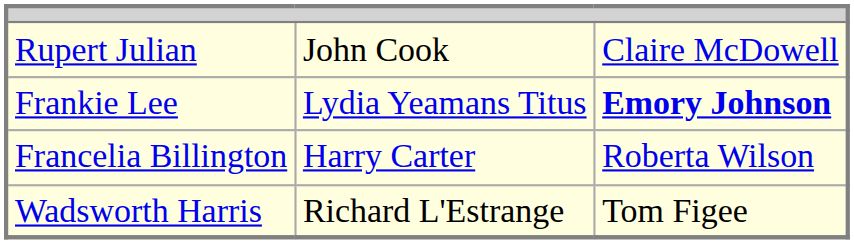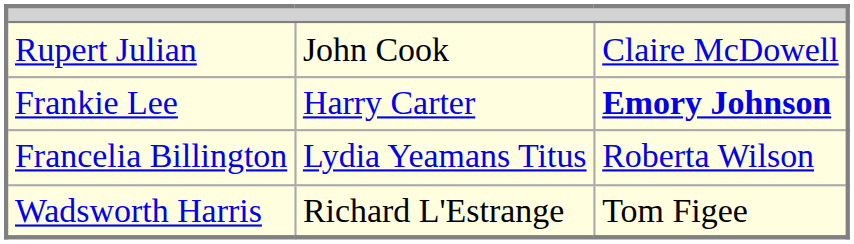 <table class="wikitable sortable mw-collapsible mw-collapsed" style="background:lightyellow; border:2px solid gray;">
 <tr>
 <th colspan="3" style="border:1px solid #808080;background:lightgrey;"></th>
 </tr>
 <tr>
 <td><a href='#'>Rupert Julian</a> </td>
 <td>John Cook </td>
 <td><a href='#'>Claire McDowell</a> </td>
 </tr>
 <tr>
 <td><a href='#'>Frankie Lee</a> </td>
-<td><a href='#'>Lydia Yeamans Titus</a> </td>
+<td><a href='#'>Harry Carter</a> </td>
 <td><strong><a href='#'>Emory Johnson</a> </strong></td>
 </tr>
 <tr>
 <td><a href='#'>Francelia Billington</a> </td>
-<td><a href='#'>Harry Carter</a> </td>
+<td><a href='#'>Lydia Yeamans Titus</a> </td>
 <td><a href='#'>Roberta Wilson</a> </td>
 </tr>
 <tr>
 <td><a href='#'>Wadsworth Harris</a> </td>
 <td>Richard L'Estrange </td>
 <td>Tom Figee </td>
 </tr>
 <tr>
 </tr>
 </table>
